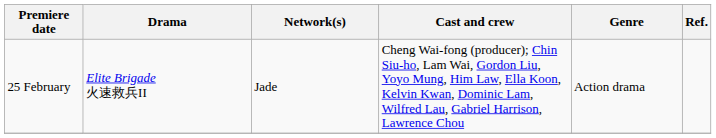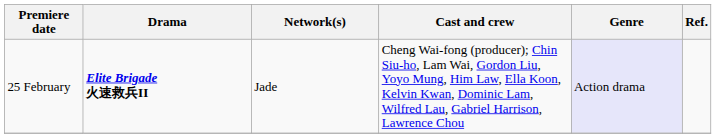 <table class="wikitable">
 <tr>
 <th width=90>Premiere date</th>
 <th width=200>Drama</th>
 <th width=150>Network(s)</th>
 <th width=230>Cast and crew</th>
 <th width=130>Genre</th>
 <th width=10>Ref.</th>
 </tr>
 <tr>
 <td>25 February</td>
-<td><em><a href='#'>Elite Brigade</a></em><br>火速救兵II</td>
+<td><strong><em><a href='#'>Elite Brigade</a></em><br>火速救兵II</strong></td>
 <td>Jade</td>
 <td>Cheng Wai-fong (producer); <a href='#'>Chin Siu-ho</a>, Lam Wai, <a href='#'>Gordon Liu</a>, <a href='#'>Yoyo Mung</a>, <a href='#'>Him Law</a>, <a href='#'>Ella Koon</a>, <a href='#'>Kelvin Kwan</a>, <a href='#'>Dominic Lam</a>, <a href='#'>Wilfred Lau</a>, <a href='#'>Gabriel Harrison</a>, <a href='#'>Lawrence Chou</a></td>
-<td>Action drama</td>
+<td style="background: lavender;">Action drama</td>
 <td></td>
 </tr>
 <tr>
 </tr>
 </table>
